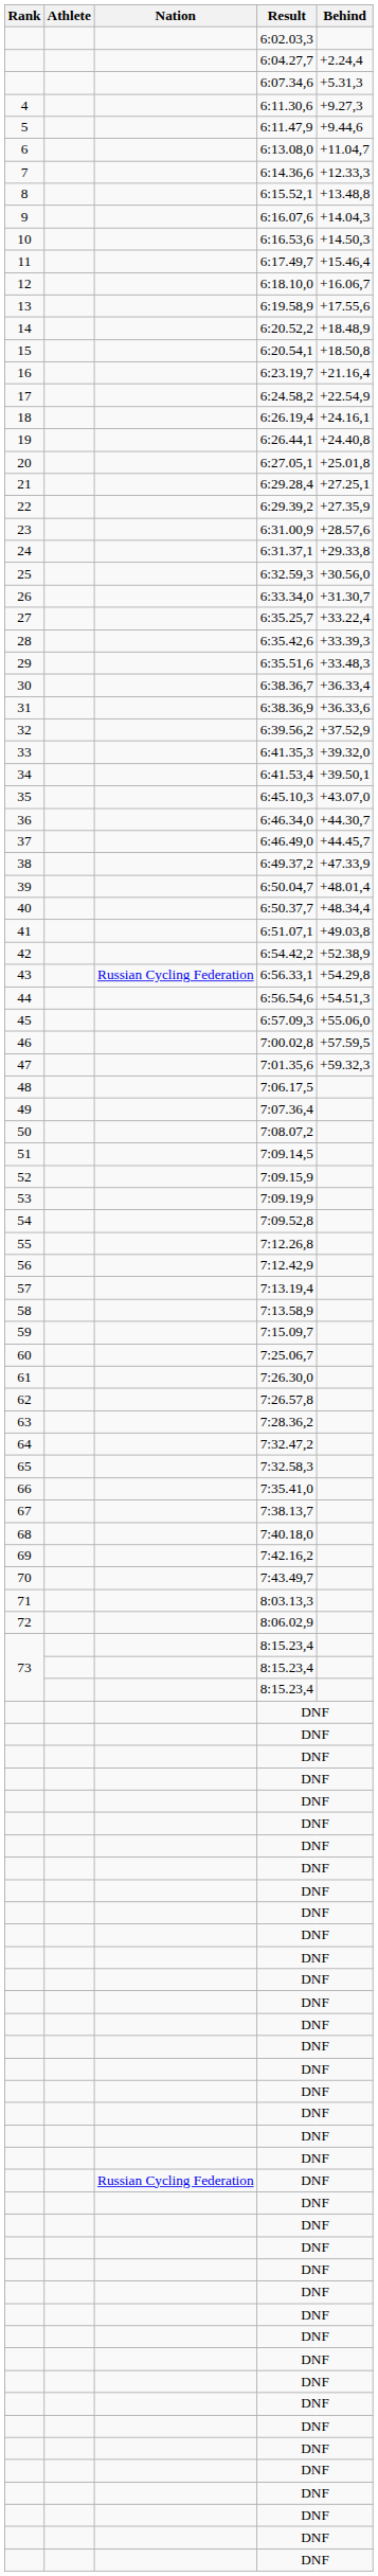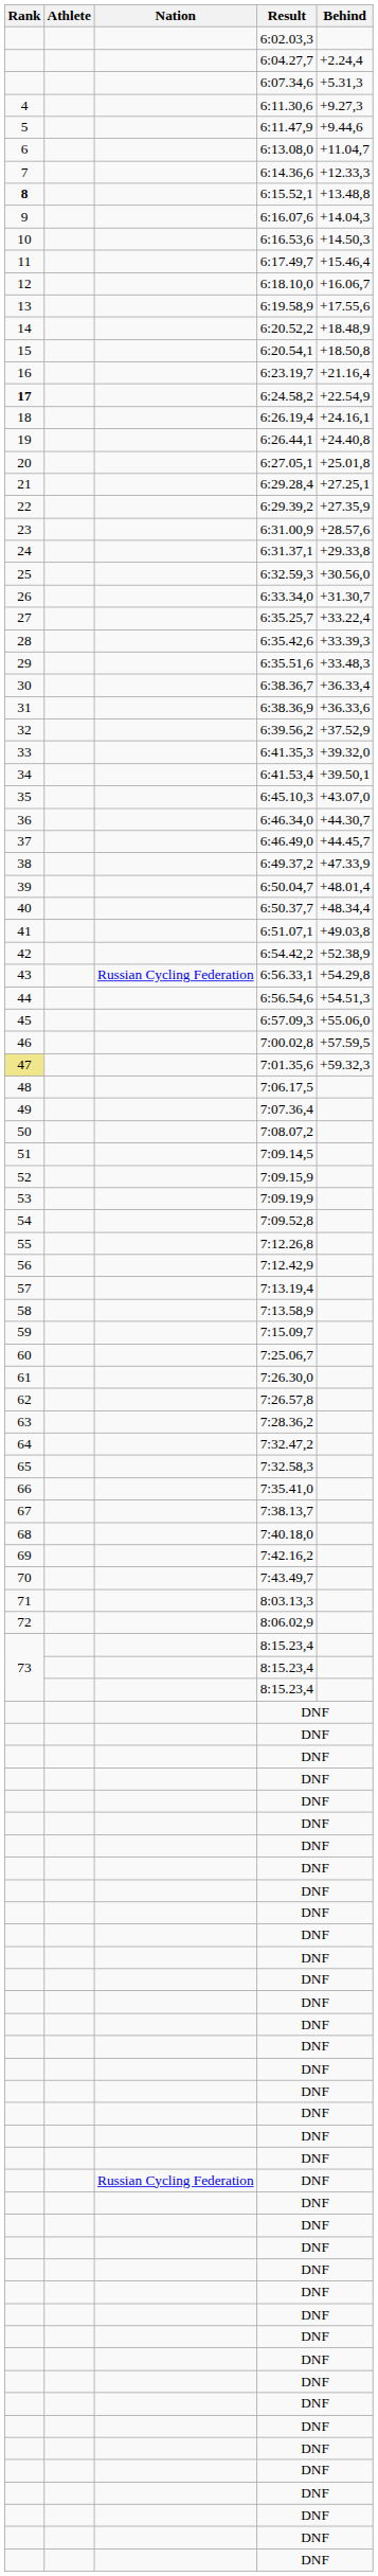 <table class="wikitable sortable">
 <tr>
 <th>Rank</th>
 <th>Athlete</th>
 <th>Nation</th>
 <th>Result</th>
 <th>Behind</th>
 </tr>
 <tr>
 <td align="center"></td>
 <td></td>
 <td></td>
 <td>6:02.03,3</td>
 <td></td>
 </tr>
 <tr>
 <td align="center"></td>
 <td></td>
 <td></td>
 <td>6:04.27,7</td>
 <td>+2.24,4</td>
 </tr>
 <tr>
 <td align="center"></td>
 <td></td>
 <td></td>
 <td>6:07.34,6</td>
 <td>+5.31,3</td>
 </tr>
 <tr>
 <td align="center">4</td>
 <td></td>
 <td></td>
 <td>6:11.30,6</td>
 <td>+9.27,3</td>
 </tr>
 <tr>
 <td align="center">5</td>
 <td></td>
 <td></td>
 <td>6:11.47,9</td>
 <td>+9.44,6</td>
 </tr>
 <tr>
 <td align="center">6</td>
 <td></td>
 <td></td>
 <td>6:13.08,0</td>
 <td>+11.04,7</td>
 </tr>
 <tr>
 <td align="center">7</td>
 <td></td>
 <td></td>
 <td>6:14.36,6</td>
 <td>+12.33,3</td>
 </tr>
 <tr>
-<td align="center">8</td>
+<td align="center"><strong>8</strong></td>
 <td></td>
 <td></td>
 <td>6:15.52,1</td>
 <td>+13.48,8</td>
 </tr>
 <tr>
 <td align="center">9</td>
 <td></td>
 <td></td>
 <td>6:16.07,6</td>
 <td>+14.04,3</td>
 </tr>
 <tr>
 <td align="center">10</td>
 <td></td>
 <td></td>
 <td>6:16.53,6</td>
 <td>+14.50,3</td>
 </tr>
 <tr>
 <td align="center">11</td>
 <td></td>
 <td></td>
 <td>6:17.49,7</td>
 <td>+15.46,4</td>
 </tr>
 <tr>
 <td align="center">12</td>
 <td></td>
 <td></td>
 <td>6:18.10,0</td>
 <td>+16.06,7</td>
 </tr>
 <tr>
 <td align="center">13</td>
 <td></td>
 <td></td>
 <td>6:19.58,9</td>
 <td>+17.55,6</td>
 </tr>
 <tr>
 <td align="center">14</td>
 <td></td>
 <td></td>
 <td>6:20.52,2</td>
 <td>+18.48,9</td>
 </tr>
 <tr>
 <td align="center">15</td>
 <td></td>
 <td></td>
 <td>6:20.54,1</td>
 <td>+18.50,8</td>
 </tr>
 <tr>
 <td align="center">16</td>
 <td></td>
 <td></td>
 <td>6:23.19,7</td>
 <td>+21.16,4</td>
 </tr>
 <tr>
-<td align="center">17</td>
+<td align="center"><strong>17</strong></td>
 <td></td>
 <td></td>
 <td>6:24.58,2</td>
 <td>+22.54,9</td>
 </tr>
 <tr>
 <td align="center">18</td>
 <td></td>
 <td></td>
 <td>6:26.19,4</td>
 <td>+24.16,1</td>
 </tr>
 <tr>
 <td align="center">19</td>
 <td></td>
 <td></td>
 <td>6:26.44,1</td>
 <td>+24.40,8</td>
 </tr>
 <tr>
 <td align="center">20</td>
 <td></td>
 <td></td>
 <td>6:27.05,1</td>
 <td>+25.01,8</td>
 </tr>
 <tr>
 <td align="center">21</td>
 <td></td>
 <td></td>
 <td>6:29.28,4</td>
 <td>+27.25,1</td>
 </tr>
 <tr>
 <td align="center">22</td>
 <td></td>
 <td></td>
 <td>6:29.39,2</td>
 <td>+27.35,9</td>
 </tr>
 <tr>
 <td align="center">23</td>
 <td></td>
 <td></td>
 <td>6:31.00,9</td>
 <td>+28.57,6</td>
 </tr>
 <tr>
 <td align="center">24</td>
 <td></td>
 <td></td>
 <td>6:31.37,1</td>
 <td>+29.33,8</td>
 </tr>
 <tr>
 <td align="center">25</td>
 <td></td>
 <td></td>
 <td>6:32.59,3</td>
 <td>+30.56,0</td>
 </tr>
 <tr>
 <td align="center">26</td>
 <td></td>
 <td></td>
 <td>6:33.34,0</td>
 <td>+31.30,7</td>
 </tr>
 <tr>
 <td align="center">27</td>
 <td></td>
 <td></td>
 <td>6:35.25,7</td>
 <td>+33.22,4</td>
 </tr>
 <tr>
 <td align="center">28</td>
 <td></td>
 <td></td>
 <td>6:35.42,6</td>
 <td>+33.39,3</td>
 </tr>
 <tr>
 <td align="center">29</td>
 <td></td>
 <td></td>
 <td>6:35.51,6</td>
 <td>+33.48,3</td>
 </tr>
 <tr>
 <td align="center">30</td>
 <td></td>
 <td></td>
 <td>6:38.36,7</td>
 <td>+36.33,4</td>
 </tr>
 <tr>
 <td align="center">31</td>
 <td></td>
 <td></td>
 <td>6:38.36,9</td>
 <td>+36.33,6</td>
 </tr>
 <tr>
 <td align="center">32</td>
 <td></td>
 <td></td>
 <td>6:39.56,2</td>
 <td>+37.52,9</td>
 </tr>
 <tr>
 <td align="center">33</td>
 <td></td>
 <td></td>
 <td>6:41.35,3</td>
 <td>+39.32,0</td>
 </tr>
 <tr>
 <td align="center">34</td>
 <td></td>
 <td></td>
 <td>6:41.53,4</td>
 <td>+39.50,1</td>
 </tr>
 <tr>
 <td align="center">35</td>
 <td></td>
 <td></td>
 <td>6:45.10,3</td>
 <td>+43.07,0</td>
 </tr>
 <tr>
 <td align="center">36</td>
 <td></td>
 <td></td>
 <td>6:46.34,0</td>
 <td>+44.30,7</td>
 </tr>
 <tr>
 <td align="center">37</td>
 <td></td>
 <td></td>
 <td>6:46.49,0</td>
 <td>+44.45,7</td>
 </tr>
 <tr>
 <td align="center">38</td>
 <td></td>
 <td></td>
 <td>6:49.37,2</td>
 <td>+47.33,9</td>
 </tr>
 <tr>
 <td align="center">39</td>
 <td></td>
 <td></td>
 <td>6:50.04,7</td>
 <td>+48.01,4</td>
 </tr>
 <tr>
 <td align="center">40</td>
 <td></td>
 <td></td>
 <td>6:50.37,7</td>
 <td>+48.34,4</td>
 </tr>
 <tr>
 <td align="center">41</td>
 <td></td>
 <td></td>
 <td>6:51.07,1</td>
 <td>+49.03,8</td>
 </tr>
 <tr>
 <td align="center">42</td>
 <td></td>
 <td></td>
 <td>6:54.42,2</td>
 <td>+52.38,9</td>
 </tr>
 <tr>
 <td align="center">43</td>
 <td></td>
 <td><a href='#'>Russian Cycling Federation</a></td>
 <td>6:56.33,1</td>
 <td>+54.29,8</td>
 </tr>
 <tr>
 <td align="center">44</td>
 <td></td>
 <td></td>
 <td>6:56.54,6</td>
 <td>+54.51,3</td>
 </tr>
 <tr>
 <td align="center">45</td>
 <td></td>
 <td></td>
 <td>6:57.09,3</td>
 <td>+55.06,0</td>
 </tr>
 <tr>
 <td align="center">46</td>
 <td></td>
 <td></td>
 <td>7:00.02,8</td>
 <td>+57.59,5</td>
 </tr>
 <tr>
-<td align="center">47</td>
+<td align="center" style="background: khaki;">47</td>
 <td></td>
 <td></td>
 <td>7:01.35,6</td>
 <td>+59.32,3</td>
 </tr>
 <tr>
 <td align="center">48</td>
 <td></td>
 <td></td>
 <td>7:06.17,5</td>
 <td></td>
 </tr>
 <tr>
 <td align="center">49</td>
 <td></td>
 <td></td>
 <td>7:07.36,4</td>
 <td></td>
 </tr>
 <tr>
 <td align="center">50</td>
 <td></td>
 <td></td>
 <td>7:08.07,2</td>
 <td></td>
 </tr>
 <tr>
 <td align="center">51</td>
 <td></td>
 <td></td>
 <td>7:09.14,5</td>
 <td></td>
 </tr>
 <tr>
 <td align="center">52</td>
 <td></td>
 <td></td>
 <td>7:09.15,9</td>
 <td></td>
 </tr>
 <tr>
 <td align="center">53</td>
 <td></td>
 <td></td>
 <td>7:09.19,9</td>
 <td></td>
 </tr>
 <tr>
 <td align="center">54</td>
 <td></td>
 <td></td>
 <td>7:09.52,8</td>
 <td></td>
 </tr>
 <tr>
 <td align="center">55</td>
 <td></td>
 <td></td>
 <td>7:12.26,8</td>
 <td></td>
 </tr>
 <tr>
 <td align="center">56</td>
 <td></td>
 <td></td>
 <td>7:12.42,9</td>
 <td></td>
 </tr>
 <tr>
 <td align="center">57</td>
 <td></td>
 <td></td>
 <td>7:13.19,4</td>
 <td></td>
 </tr>
 <tr>
 <td align="center">58</td>
 <td></td>
 <td></td>
 <td>7:13.58,9</td>
 <td></td>
 </tr>
 <tr>
 <td align="center">59</td>
 <td></td>
 <td></td>
 <td>7:15.09,7</td>
 <td></td>
 </tr>
 <tr>
 <td align="center">60</td>
 <td></td>
 <td></td>
 <td>7:25.06,7</td>
 <td></td>
 </tr>
 <tr>
 <td align="center">61</td>
 <td></td>
 <td></td>
 <td>7:26.30,0</td>
 <td></td>
 </tr>
 <tr>
 <td align="center">62</td>
 <td></td>
 <td></td>
 <td>7:26.57,8</td>
 <td></td>
 </tr>
 <tr>
 <td align="center">63</td>
 <td></td>
 <td></td>
 <td>7:28.36,2</td>
 <td></td>
 </tr>
 <tr>
 <td align="center">64</td>
 <td></td>
 <td></td>
 <td>7:32.47,2</td>
 <td></td>
 </tr>
 <tr>
 <td align="center">65</td>
 <td></td>
 <td></td>
 <td>7:32.58,3</td>
 <td></td>
 </tr>
 <tr>
 <td align="center">66</td>
 <td></td>
 <td></td>
 <td>7:35.41,0</td>
 <td></td>
 </tr>
 <tr>
 <td align="center">67</td>
 <td></td>
 <td></td>
 <td>7:38.13,7</td>
 <td></td>
 </tr>
 <tr>
 <td align="center">68</td>
 <td></td>
 <td></td>
 <td>7:40.18,0</td>
 <td></td>
 </tr>
 <tr>
 <td align="center">69</td>
 <td></td>
 <td></td>
 <td>7:42.16,2</td>
 <td></td>
 </tr>
 <tr>
 <td align="center">70</td>
 <td></td>
 <td></td>
 <td>7:43.49,7</td>
 <td></td>
 </tr>
 <tr>
 <td align="center">71</td>
 <td></td>
 <td></td>
 <td>8:03.13,3</td>
 <td></td>
 </tr>
 <tr>
 <td align="center">72</td>
 <td></td>
 <td></td>
 <td>8:06.02,9</td>
 <td></td>
 </tr>
 <tr>
 <td rowspan="3" align="center">73</td>
 <td></td>
 <td></td>
 <td>8:15.23,4</td>
 <td></td>
 </tr>
 <tr>
 <td></td>
 <td></td>
 <td>8:15.23,4</td>
 <td></td>
 </tr>
 <tr>
 <td></td>
 <td></td>
 <td>8:15.23,4</td>
 <td></td>
 </tr>
 <tr>
 <td></td>
 <td></td>
 <td></td>
 <td colspan="2" align="center">DNF</td>
 </tr>
 <tr>
 <td></td>
 <td></td>
 <td></td>
 <td colspan="2" align="center">DNF</td>
 </tr>
 <tr>
 <td></td>
 <td></td>
 <td></td>
 <td colspan="2" align="center">DNF</td>
 </tr>
 <tr>
 <td></td>
 <td></td>
 <td></td>
 <td colspan="2" align="center">DNF</td>
 </tr>
 <tr>
 <td></td>
 <td></td>
 <td></td>
 <td colspan="2" align="center">DNF</td>
 </tr>
 <tr>
 <td></td>
 <td></td>
 <td></td>
 <td colspan="2" align="center">DNF</td>
 </tr>
 <tr>
 <td></td>
 <td></td>
 <td></td>
 <td colspan="2" align="center">DNF</td>
 </tr>
 <tr>
 <td></td>
 <td></td>
 <td></td>
 <td colspan="2" align="center">DNF</td>
 </tr>
 <tr>
 <td></td>
 <td></td>
 <td></td>
 <td colspan="2" align="center">DNF</td>
 </tr>
 <tr>
 <td></td>
 <td></td>
 <td></td>
 <td colspan="2" align="center">DNF</td>
 </tr>
 <tr>
 <td></td>
 <td></td>
 <td></td>
 <td colspan="2" align="center">DNF</td>
 </tr>
 <tr>
 <td></td>
 <td></td>
 <td></td>
 <td colspan="2" align="center">DNF</td>
 </tr>
 <tr>
 <td></td>
 <td></td>
 <td></td>
 <td colspan="2" align="center">DNF</td>
 </tr>
 <tr>
 <td></td>
 <td></td>
 <td></td>
 <td colspan="2" align="center">DNF</td>
 </tr>
 <tr>
 <td></td>
 <td></td>
 <td></td>
 <td colspan="2" align="center">DNF</td>
 </tr>
 <tr>
 <td></td>
 <td></td>
 <td></td>
 <td colspan="2" align="center">DNF</td>
 </tr>
 <tr>
 <td></td>
 <td></td>
 <td></td>
 <td colspan="2" align="center">DNF</td>
 </tr>
 <tr>
 <td></td>
 <td></td>
 <td></td>
 <td colspan="2" align="center">DNF</td>
 </tr>
 <tr>
 <td></td>
 <td></td>
 <td></td>
 <td colspan="2" align="center">DNF</td>
 </tr>
 <tr>
 <td></td>
 <td></td>
 <td></td>
 <td colspan="2" align="center">DNF</td>
 </tr>
 <tr>
 <td></td>
 <td></td>
 <td></td>
 <td colspan="2" align="center">DNF</td>
 </tr>
 <tr>
 <td></td>
 <td></td>
 <td><a href='#'>Russian Cycling Federation</a></td>
 <td colspan="2" align="center">DNF</td>
 </tr>
 <tr>
 <td></td>
 <td></td>
 <td></td>
 <td colspan="2" align="center">DNF</td>
 </tr>
 <tr>
 <td></td>
 <td></td>
 <td></td>
 <td colspan="2" align="center">DNF</td>
 </tr>
 <tr>
 <td></td>
 <td></td>
 <td></td>
 <td colspan="2" align="center">DNF</td>
 </tr>
 <tr>
 <td></td>
 <td></td>
 <td></td>
 <td colspan="2" align="center">DNF</td>
 </tr>
 <tr>
 <td></td>
 <td></td>
 <td></td>
 <td colspan="2" align="center">DNF</td>
 </tr>
 <tr>
 <td></td>
 <td></td>
 <td></td>
 <td colspan="2" align="center">DNF</td>
 </tr>
 <tr>
 <td></td>
 <td></td>
 <td></td>
 <td colspan="2" align="center">DNF</td>
 </tr>
 <tr>
 <td></td>
 <td></td>
 <td></td>
 <td colspan="2" align="center">DNF</td>
 </tr>
 <tr>
 <td></td>
 <td></td>
 <td></td>
 <td colspan="2" align="center">DNF</td>
 </tr>
 <tr>
 <td></td>
 <td></td>
 <td></td>
 <td colspan="2" align="center">DNF</td>
 </tr>
 <tr>
 <td></td>
 <td></td>
 <td></td>
 <td colspan="2" align="center">DNF</td>
 </tr>
 <tr>
 <td></td>
 <td></td>
 <td></td>
 <td colspan="2" align="center">DNF</td>
 </tr>
 <tr>
 <td></td>
 <td></td>
 <td></td>
 <td colspan="2" align="center">DNF</td>
 </tr>
 <tr>
 <td></td>
 <td></td>
 <td></td>
 <td colspan="2" align="center">DNF</td>
 </tr>
 <tr>
 <td></td>
 <td></td>
 <td></td>
 <td colspan="2" align="center">DNF</td>
 </tr>
 <tr>
 <td></td>
 <td></td>
 <td></td>
 <td colspan="2" align="center">DNF</td>
 </tr>
 <tr>
 <td></td>
 <td></td>
 <td></td>
 <td colspan="2" align="center">DNF</td>
 </tr>
 </table>
